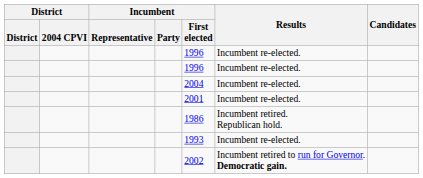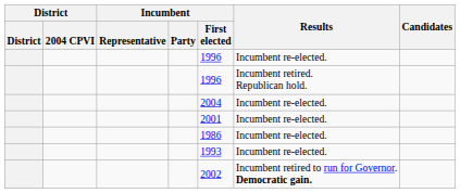 <table class="wikitable sortable">
 <tr>
 <th colspan=2>District</th>
 <th colspan=3>Incumbent</th>
 <th rowspan=2>Results</th>
 <th rowspan=2>Candidates</th>
 </tr>
 <tr valign=bottom>
 <th>District</th>
 <th>2004 CPVI</th>
 <th>Representative</th>
 <th>Party</th>
 <th>First<br>elected</th>
 </tr>
 <tr>
 <th></th>
 <td></td>
 <td></td>
 <td></td>
 <td><a href='#'>1996</a></td>
 <td>Incumbent re-elected.</td>
 <td nowrap></td>
 </tr>
 <tr>
 <th></th>
 <td></td>
 <td></td>
 <td></td>
 <td><a href='#'>1996</a></td>
-<td>Incumbent re-elected.</td>
+<td>Incumbent retired.<br>Republican hold.</td>
 <td nowrap></td>
 </tr>
 <tr>
 <th></th>
 <td></td>
 <td></td>
 <td></td>
 <td><a href='#'>2004</a></td>
 <td>Incumbent re-elected.</td>
 <td nowrap></td>
 </tr>
 <tr>
 <th></th>
 <td></td>
 <td></td>
 <td></td>
 <td><a href='#'>2001</a></td>
 <td>Incumbent re-elected.</td>
 <td nowrap></td>
 </tr>
 <tr>
 <th></th>
 <td></td>
 <td></td>
 <td></td>
 <td><a href='#'>1986</a></td>
-<td>Incumbent retired.<br>Republican hold.</td>
+<td>Incumbent re-elected.</td>
 <td nowrap></td>
 </tr>
 <tr>
 <th></th>
 <td></td>
 <td></td>
 <td></td>
 <td><a href='#'>1993</a></td>
 <td>Incumbent re-elected.</td>
 <td nowrap></td>
 </tr>
 <tr>
 <th></th>
 <td></td>
 <td></td>
 <td></td>
 <td><a href='#'>2002</a></td>
 <td>Incumbent retired to <a href='#'>run for Governor</a>.<br><strong>Democratic gain.</strong></td>
 <td nowrap></td>
 </tr>
 </table>
